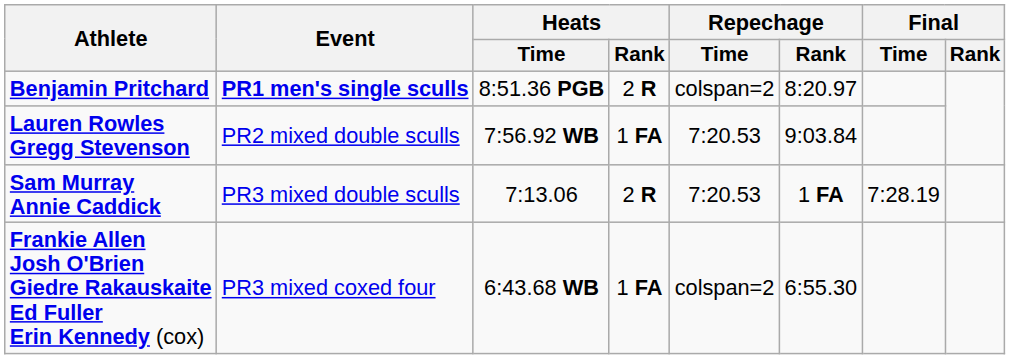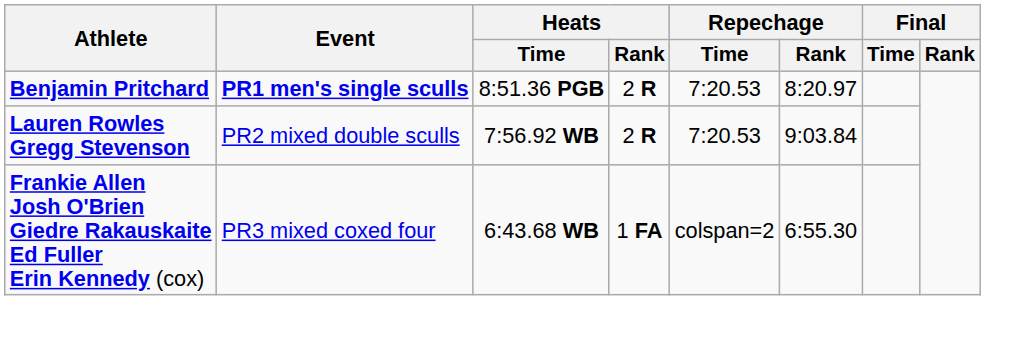 <table class="wikitable" style="font-size:90%">
 <tr>
 <th rowspan=2>Athlete</th>
 <th rowspan=2>Event</th>
 <th colspan=2>Heats</th>
 <th colspan=2>Repechage</th>
 <th colspan=2>Final</th>
 </tr>
 <tr style="font-size:95%">
 <th>Time</th>
 <th>Rank</th>
 <th>Time</th>
 <th>Rank</th>
 <th>Time</th>
 <th>Rank</th>
 </tr>
 <tr style="text-align:center">
 <td style="text-align:left"><strong><a href='#'>Benjamin Pritchard</a></strong></td>
 <td style="text-align:left"><strong><a href='#'>PR1 men's single sculls</a></strong></td>
 <td>8:51.36 <strong>PGB</strong></td>
 <td>2 <strong>R</strong></td>
-<td>colspan=2 </td>
+<td>7:20.53</td>
 <td>8:20.97</td>
 <td></td>
 </tr>
 <tr style="text-align:center">
 <td style="text-align:left"><strong><a href='#'>Lauren Rowles</a></strong><br><strong><a href='#'>Gregg Stevenson</a></strong></td>
 <td style="text-align:left"><a href='#'>PR2 mixed double sculls</a></td>
 <td>7:56.92 <strong>WB</strong></td>
-<td>1 <strong>FA</strong></td>
+<td>2 <strong>R</strong></td>
 <td>7:20.53</td>
 <td>9:03.84</td>
-<td></td>
-</tr>
-<tr style="text-align:center">
-<td style="text-align:left"><strong><a href='#'> Sam Murray</a></strong><br><strong><a href='#'>Annie Caddick</a></strong></td>
-<td style="text-align:left"><a href='#'>PR3 mixed double sculls</a></td>
-<td>7:13.06</td>
-<td>2 <strong>R</strong></td>
-<td>7:20.53</td>
-<td>1 <strong>FA</strong></td>
-<td>7:28.19</td>
 <td></td>
 </tr>
 <tr style="text-align:center">
 <td style="text-align:left"><strong><a href='#'>Frankie Allen</a></strong><br><strong><a href='#'>Josh O'Brien</a></strong><br><strong><a href='#'>Giedre Rakauskaite</a></strong><br><strong><a href='#'>Ed Fuller</a></strong><br><strong><a href='#'>Erin Kennedy</a></strong> (cox)</td>
 <td style="text-align:left"><a href='#'>PR3 mixed coxed four</a></td>
 <td>6:43.68 <strong>WB</strong></td>
 <td>1 <strong>FA</strong></td>
 <td>colspan=2 </td>
 <td>6:55.30</td>
 <td></td>
 </tr>
 </table>
